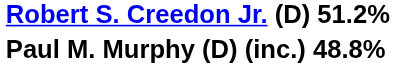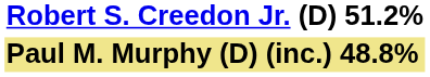 <table>
 <tr>
 <td><strong><a href='#'>Robert S. Creedon Jr.</a> (D) 51.2%</strong></td>
 </tr>
 <tr>
-<td><strong>Paul M. Murphy (D) (inc.) 48.8%</strong></td>
+<td style="background: khaki;"><strong>Paul M. Murphy (D) (inc.) 48.8%</strong></td>
 </tr>
 </table>
